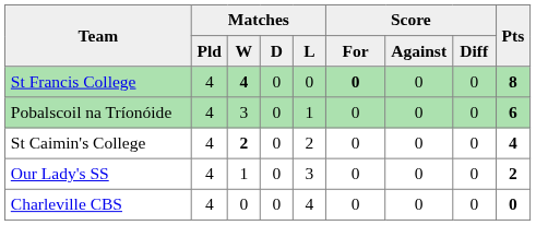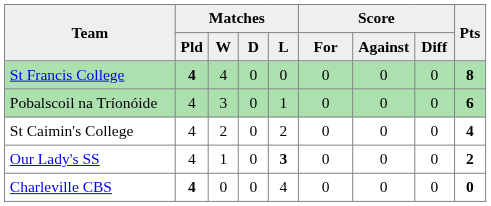 <table style=border-collapse:collapse border=1 cellspacing=0 cellpadding=5>
 <tr align=center bgcolor=#efefef>
 <th rowspan=2 width=165>Team</th>
 <th colspan=4>Matches</th>
 <th colspan=3>Score</th>
 <th rowspan=2width=20>Pts</th>
 </tr>
 <tr align=center bgcolor=#efefef>
 <th width=20>Pld</th>
 <th width=20>W</th>
 <th width=20>D</th>
 <th width=20>L</th>
 <th width=45>For</th>
 <th width=45>Against</th>
 <th width=30>Diff</th>
 </tr>
 <tr align=center style="background:#ACE1AF;">
 <td style="text-align:left;"><a href='#'>St Francis College</a></td>
+<td><strong>4</strong></td>
 <td>4</td>
-<td><strong>4</strong></td>
 <td>0</td>
 <td>0</td>
-<td><strong>0</strong></td>
+<td>0</td>
 <td>0</td>
 <td>0</td>
 <td><strong>8</strong></td>
 </tr>
 <tr align=center style="background:#ACE1AF;">
 <td style="text-align:left;">Pobalscoil na Tríonóide</td>
 <td>4</td>
 <td>3</td>
 <td>0</td>
 <td>1</td>
 <td>0</td>
 <td>0</td>
 <td>0</td>
 <td><strong>6</strong></td>
 </tr>
 <tr align=center>
 <td style="text-align:left;">St Caimin's College</td>
 <td>4</td>
-<td><strong>2</strong></td>
+<td>2</td>
 <td>0</td>
 <td>2</td>
 <td>0</td>
 <td>0</td>
 <td>0</td>
 <td><strong>4</strong></td>
 </tr>
 <tr align=center>
 <td style="text-align:left;"><a href='#'>Our Lady's SS</a></td>
 <td>4</td>
 <td>1</td>
 <td>0</td>
-<td>3</td>
+<td><strong>3</strong></td>
 <td>0</td>
 <td>0</td>
 <td>0</td>
 <td><strong>2</strong></td>
 </tr>
 <tr align=center>
 <td style="text-align:left;"><a href='#'>Charleville CBS</a></td>
-<td>4</td>
+<td><strong>4</strong></td>
 <td>0</td>
 <td>0</td>
 <td>4</td>
 <td>0</td>
 <td>0</td>
 <td>0</td>
 <td><strong>0</strong></td>
 </tr>
 </table>
